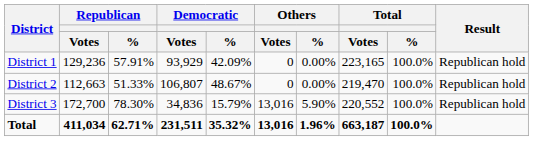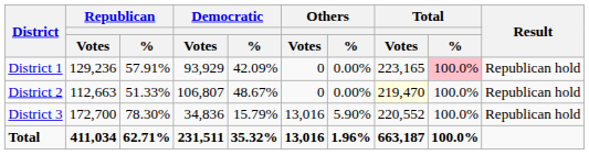 <table class="wikitable plainrowheaders sortable" style="font-size:100%; text-align:right;">
 <tr>
 <th scope=col rowspan=3><a href='#'>District</a></th>
 <th scope=col colspan=2><a href='#'>Republican</a></th>
 <th scope=col colspan=2><a href='#'>Democratic</a></th>
 <th scope=col colspan=2>Others</th>
 <th scope=col colspan=2>Total</th>
 <th scope=col rowspan=3>Result</th>
 </tr>
 <tr>
 <th scope=col colspan=2 style="background:"></th>
 <th scope=col colspan=2 style="background:"></th>
 <th scope=col colspan=2></th>
 <th scope=col colspan=2></th>
 </tr>
 <tr>
 <th scope=col data-sort-type="number">Votes</th>
 <th scope=col data-sort-type="number">%</th>
 <th scope=col data-sort-type="number">Votes</th>
 <th scope=col data-sort-type="number">%</th>
 <th scope=col data-sort-type="number">Votes</th>
 <th scope=col data-sort-type="number">%</th>
 <th scope=col data-sort-type="number">Votes</th>
 <th scope=col data-sort-type="number">%</th>
 </tr>
 <tr>
 <td align=left><a href='#'>District 1</a></td>
 <td>129,236</td>
 <td>57.91%</td>
 <td>93,929</td>
 <td>42.09%</td>
 <td>0</td>
 <td>0.00%</td>
 <td>223,165</td>
-<td>100.0%</td>
+<td style="background: pink;">100.0%</td>
 <td align=left>Republican hold</td>
 </tr>
 <tr>
 <td align=left><a href='#'>District 2</a></td>
 <td>112,663</td>
 <td>51.33%</td>
 <td>106,807</td>
 <td>48.67%</td>
 <td>0</td>
 <td>0.00%</td>
-<td>219,470</td>
+<td style="background: lightyellow;">219,470</td>
 <td>100.0%</td>
 <td align=left>Republican hold</td>
 </tr>
 <tr>
 <td align=left><a href='#'>District 3</a></td>
 <td>172,700</td>
 <td>78.30%</td>
 <td>34,836</td>
 <td>15.79%</td>
 <td>13,016</td>
 <td>5.90%</td>
 <td>220,552</td>
 <td>100.0%</td>
 <td align=left>Republican hold</td>
 </tr>
 <tr class="sortbottom" style="font-weight:bold">
 <td align=left>Total</td>
 <td>411,034</td>
 <td>62.71%</td>
 <td>231,511</td>
 <td>35.32%</td>
 <td>13,016</td>
 <td>1.96%</td>
 <td>663,187</td>
 <td>100.0%</td>
 <td></td>
 </tr>
 </table>
